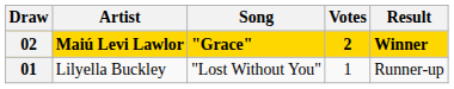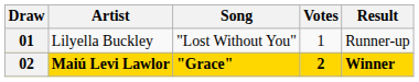 <table class="wikitable sortable plainrowheaders">
 <tr>
 <th scope="col">Draw</th>
 <th scope="col">Artist</th>
 <th scope="col">Song</th>
 <th>Votes</th>
 <th scope="col">Result</th>
 </tr>
+<tr>
+<th scope="row" style="text-align:center;">01</th>
+<td>Lilyella Buckley</td>
+<td>"Lost Without You" </td>
+<td align="center">1</td>
+<td>Runner-up</td>
+</tr>
 <tr style="font-weight: bold; background:gold;">
 <th scope="row" style="text-align:center;">02</th>
 <td>Maiú Levi Lawlor</td>
 <td>"Grace" </td>
 <td align="center">2</td>
 <td>Winner</td>
 </tr>
-<tr>
-<th scope="row" style="text-align:center;">01</th>
-<td>Lilyella Buckley</td>
-<td>"Lost Without You" </td>
-<td align="center">1</td>
-<td>Runner-up</td>
-</tr>
 </table>
